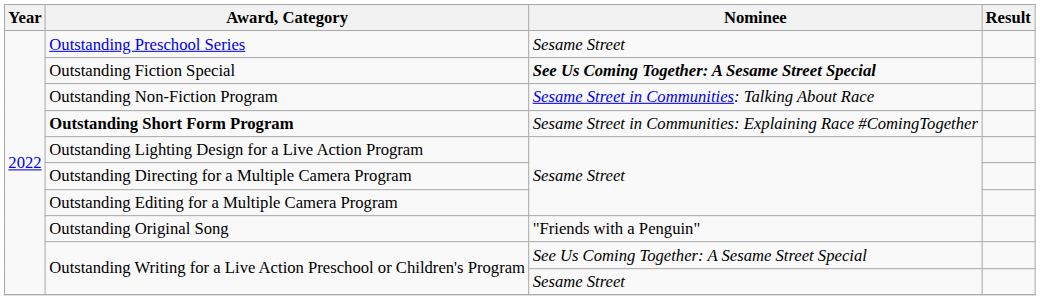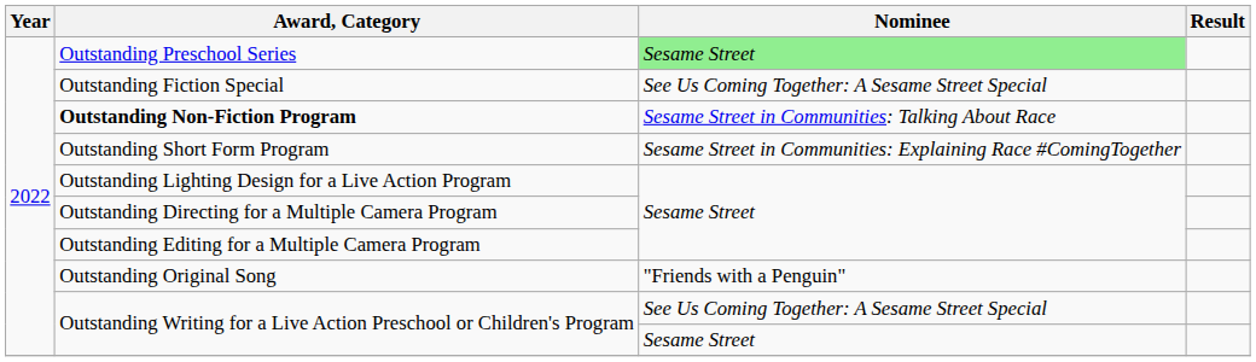 <table class="wikitable">
 <tr>
 <th>Year</th>
 <th>Award, Category</th>
 <th>Nominee</th>
 <th>Result</th>
 </tr>
 <tr>
 <td rowspan=10><a href='#'>2022</a></td>
 <td><a href='#'>Outstanding Preschool Series</a></td>
-<td><em>Sesame Street</em></td>
+<td style="background: lightgreen;"><em>Sesame Street</em></td>
 <td></td>
 </tr>
 <tr>
 <td>Outstanding Fiction Special</td>
-<td><strong><em>See Us Coming Together: A Sesame Street Special</em></strong></td>
+<td><em>See Us Coming Together: A Sesame Street Special</em></td>
 <td></td>
 </tr>
 <tr>
-<td>Outstanding Non-Fiction Program</td>
+<td><strong>Outstanding Non-Fiction Program</strong></td>
 <td><em><a href='#'>Sesame Street in Communities</a>: Talking About Race</em></td>
 <td></td>
 </tr>
 <tr>
-<td><strong>Outstanding Short Form Program</strong></td>
+<td>Outstanding Short Form Program</td>
 <td><em>Sesame Street in Communities: Explaining Race #ComingTogether</em></td>
 <td></td>
 </tr>
 <tr>
 <td>Outstanding Lighting Design for a Live Action Program</td>
 <td rowspan=3><em>Sesame Street</em></td>
 <td></td>
 </tr>
 <tr>
 <td>Outstanding Directing for a Multiple Camera Program</td>
 <td></td>
 </tr>
 <tr>
 <td>Outstanding Editing for a Multiple Camera Program</td>
 <td></td>
 </tr>
 <tr>
 <td>Outstanding Original Song</td>
 <td>"Friends with a Penguin"</td>
 <td></td>
 </tr>
 <tr>
 <td rowspan=2>Outstanding Writing for a Live Action Preschool or Children's Program</td>
 <td><em>See Us Coming Together: A Sesame Street Special</em></td>
 <td></td>
 </tr>
 <tr>
 <td><em>Sesame Street</em></td>
 <td></td>
 </tr>
 <tr>
 </tr>
 </table>
